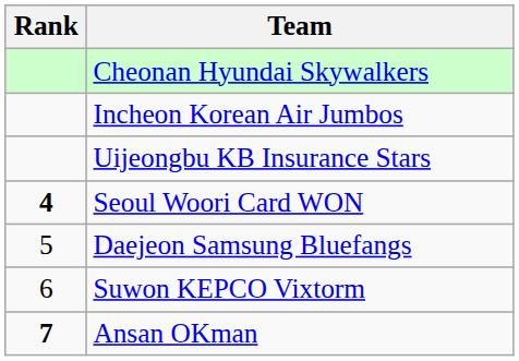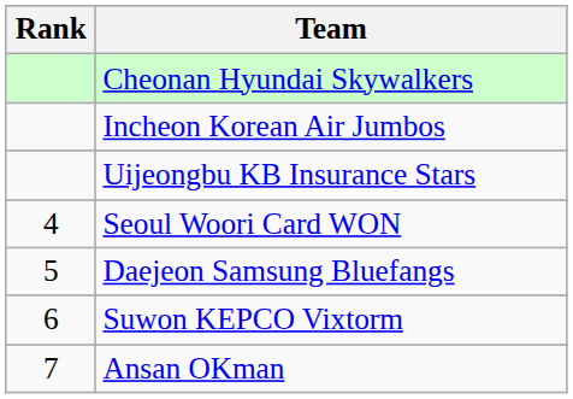 <table class="wikitable" style="text-align: center;">
 <tr>
 <th width=40>Rank</th>
 <th width=240>Team</th>
 </tr>
 <tr bgcolor=#ccffcc>
 <td></td>
 <td align=left><a href='#'>Cheonan Hyundai Skywalkers</a></td>
 </tr>
 <tr>
 <td></td>
 <td align=left><a href='#'>Incheon Korean Air Jumbos</a></td>
 </tr>
 <tr>
 <td></td>
 <td align=left><a href='#'>Uijeongbu KB Insurance Stars</a></td>
 </tr>
 <tr>
-<td><strong>4</strong></td>
+<td>4</td>
 <td align=left><a href='#'>Seoul Woori Card WON</a></td>
 </tr>
 <tr>
 <td>5</td>
 <td align=left><a href='#'>Daejeon Samsung Bluefangs</a></td>
 </tr>
 <tr>
 <td>6</td>
 <td align=left><a href='#'>Suwon KEPCO Vixtorm</a></td>
 </tr>
 <tr>
-<td><strong>7</strong></td>
+<td>7</td>
 <td align=left><a href='#'>Ansan OKman</a></td>
 </tr>
 </table>
